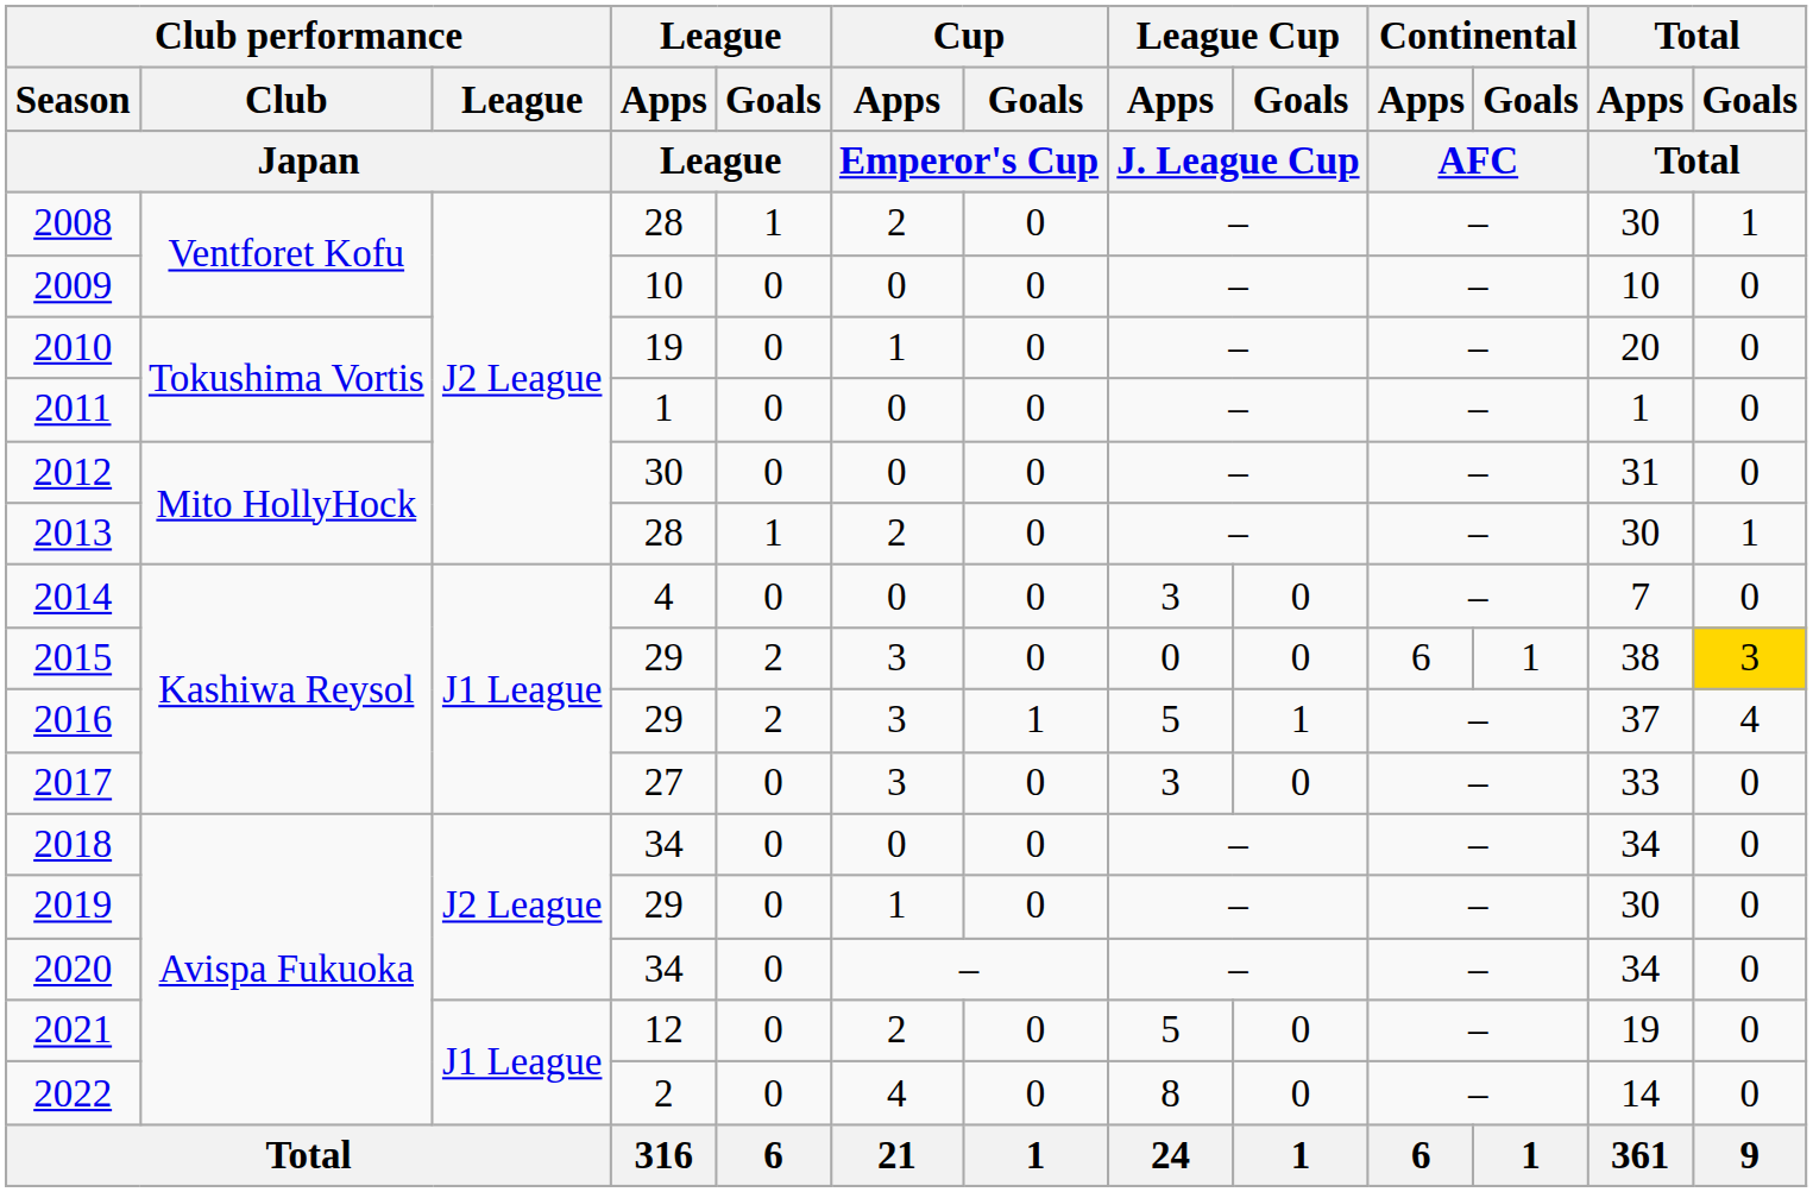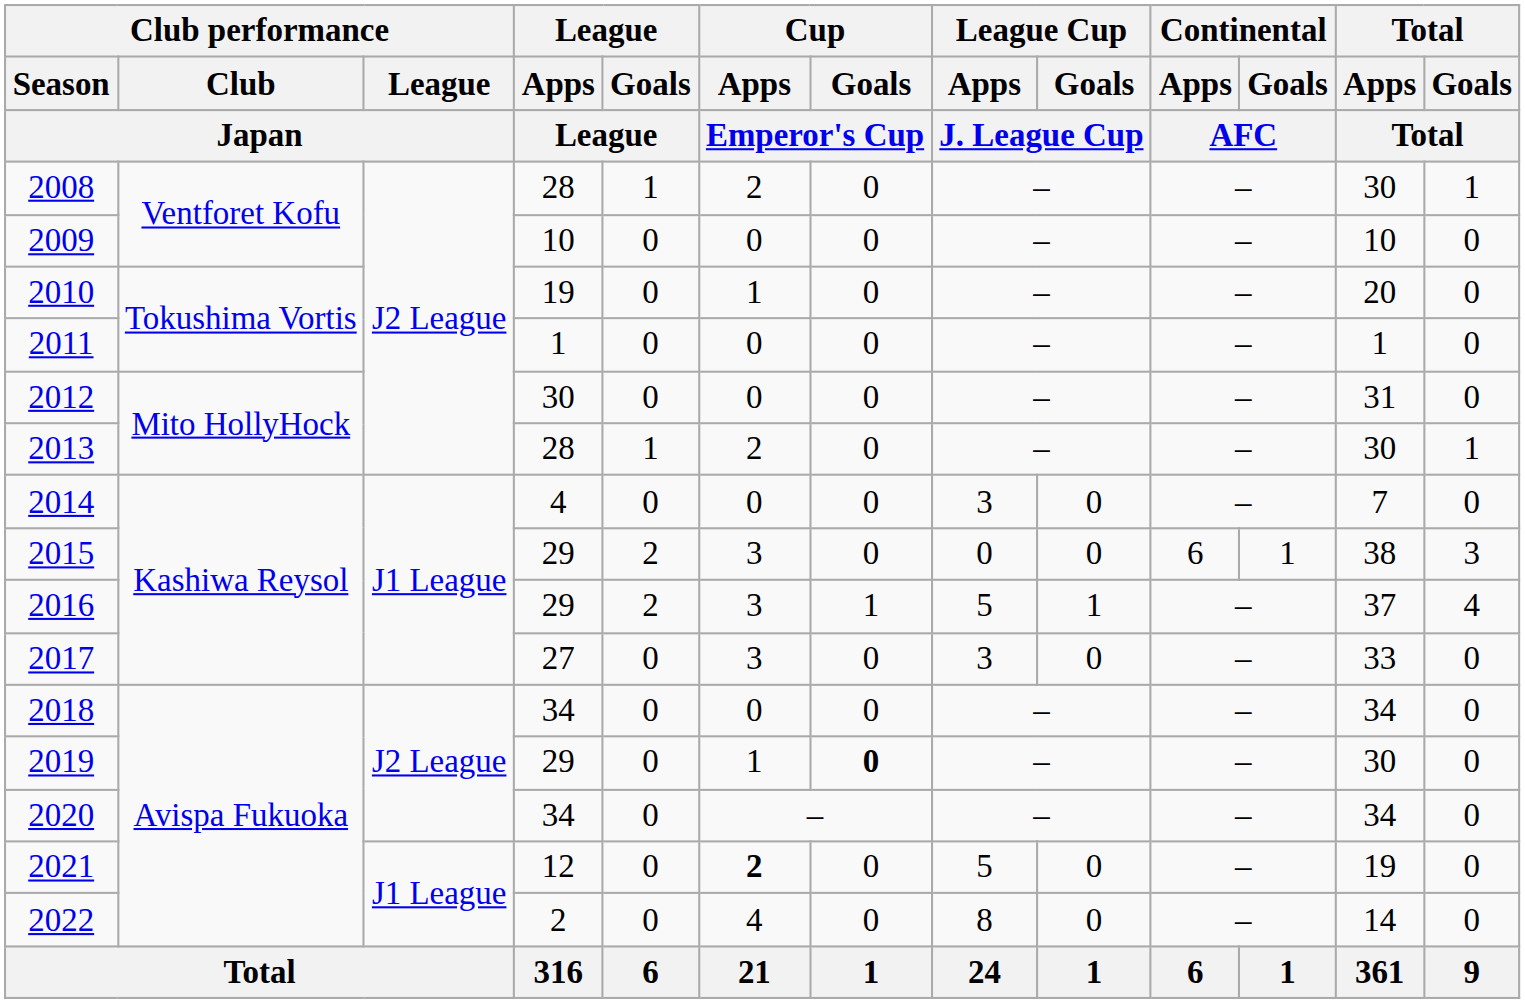 <table class="wikitable" style="text-align:center;">
 <tr>
 <th colspan=3>Club performance</th>
 <th colspan=2>League</th>
 <th colspan=2>Cup</th>
 <th colspan=2>League Cup</th>
 <th colspan=2>Continental</th>
 <th colspan=2>Total</th>
 </tr>
 <tr>
 <th>Season</th>
 <th>Club</th>
 <th>League</th>
 <th>Apps</th>
 <th>Goals</th>
 <th>Apps</th>
 <th>Goals</th>
 <th>Apps</th>
 <th>Goals</th>
 <th>Apps</th>
 <th>Goals</th>
 <th>Apps</th>
 <th>Goals</th>
 </tr>
 <tr>
 <th colspan=3>Japan</th>
 <th colspan=2>League</th>
 <th colspan=2><a href='#'>Emperor's Cup</a></th>
 <th colspan="2"><a href='#'>J. League Cup</a></th>
 <th colspan="2"><a href='#'>AFC</a></th>
 <th colspan=2>Total</th>
 </tr>
 <tr>
 <td><a href='#'>2008</a></td>
 <td rowspan="2"><a href='#'>Ventforet Kofu</a></td>
 <td rowspan="6"><a href='#'>J2 League</a></td>
 <td>28</td>
 <td>1</td>
 <td>2</td>
 <td>0</td>
 <td colspan="2">–</td>
 <td colspan="2">–</td>
 <td>30</td>
 <td>1</td>
 </tr>
 <tr>
 <td><a href='#'>2009</a></td>
 <td>10</td>
 <td>0</td>
 <td>0</td>
 <td>0</td>
 <td colspan="2">–</td>
 <td colspan="2">–</td>
 <td>10</td>
 <td>0</td>
 </tr>
 <tr>
 <td><a href='#'>2010</a></td>
 <td rowspan="2"><a href='#'>Tokushima Vortis</a></td>
 <td>19</td>
 <td>0</td>
 <td>1</td>
 <td>0</td>
 <td colspan="2">–</td>
 <td colspan="2">–</td>
 <td>20</td>
 <td>0</td>
 </tr>
 <tr>
 <td><a href='#'>2011</a></td>
 <td>1</td>
 <td>0</td>
 <td>0</td>
 <td>0</td>
 <td colspan="2">–</td>
 <td colspan="2">–</td>
 <td>1</td>
 <td>0</td>
 </tr>
 <tr>
 <td><a href='#'>2012</a></td>
 <td rowspan="2"><a href='#'>Mito HollyHock</a></td>
 <td>30</td>
 <td>0</td>
 <td>0</td>
 <td>0</td>
 <td colspan="2">–</td>
 <td colspan="2">–</td>
 <td>31</td>
 <td>0</td>
 </tr>
 <tr>
 <td><a href='#'>2013</a></td>
 <td>28</td>
 <td>1</td>
 <td>2</td>
 <td>0</td>
 <td colspan="2">–</td>
 <td colspan="2">–</td>
 <td>30</td>
 <td>1</td>
 </tr>
 <tr>
 <td><a href='#'>2014</a></td>
 <td rowspan="4"><a href='#'>Kashiwa Reysol</a></td>
 <td rowspan="4"><a href='#'>J1 League</a></td>
 <td>4</td>
 <td>0</td>
 <td>0</td>
 <td>0</td>
 <td>3</td>
 <td>0</td>
 <td colspan="2">–</td>
 <td>7</td>
 <td>0</td>
 </tr>
 <tr>
 <td><a href='#'>2015</a></td>
 <td>29</td>
 <td>2</td>
 <td>3</td>
 <td>0</td>
 <td>0</td>
 <td>0</td>
 <td>6</td>
 <td>1</td>
 <td>38</td>
-<td style="background: gold;">3</td>
+<td>3</td>
 </tr>
 <tr>
 <td><a href='#'>2016</a></td>
 <td>29</td>
 <td>2</td>
 <td>3</td>
 <td>1</td>
 <td>5</td>
 <td>1</td>
 <td colspan="2">–</td>
 <td>37</td>
 <td>4</td>
 </tr>
 <tr>
 <td><a href='#'>2017</a></td>
 <td>27</td>
 <td>0</td>
 <td>3</td>
 <td>0</td>
 <td>3</td>
 <td>0</td>
 <td colspan="2">–</td>
 <td>33</td>
 <td>0</td>
 </tr>
 <tr>
 <td><a href='#'>2018</a></td>
 <td rowspan="5"><a href='#'>Avispa Fukuoka</a></td>
 <td rowspan="3"><a href='#'>J2 League</a></td>
 <td>34</td>
 <td>0</td>
 <td>0</td>
 <td>0</td>
 <td colspan="2">–</td>
 <td colspan="2">–</td>
 <td>34</td>
 <td>0</td>
 </tr>
 <tr>
 <td><a href='#'>2019</a></td>
 <td>29</td>
 <td>0</td>
 <td>1</td>
-<td>0</td>
+<td><strong>0</strong></td>
 <td colspan="2">–</td>
 <td colspan="2">–</td>
 <td>30</td>
 <td>0</td>
 </tr>
 <tr>
 <td><a href='#'>2020</a></td>
 <td>34</td>
 <td>0</td>
 <td colspan="2">–</td>
 <td colspan="2">–</td>
 <td colspan="2">–</td>
 <td>34</td>
 <td>0</td>
 </tr>
 <tr>
 <td><a href='#'>2021</a></td>
 <td rowspan="2"><a href='#'>J1 League</a></td>
 <td>12</td>
 <td>0</td>
-<td>2</td>
+<td><strong>2</strong></td>
 <td>0</td>
 <td>5</td>
 <td>0</td>
 <td colspan="2">–</td>
 <td>19</td>
 <td>0</td>
 </tr>
 <tr>
 <td><a href='#'>2022</a></td>
 <td>2</td>
 <td>0</td>
 <td>4</td>
 <td>0</td>
 <td>8</td>
 <td>0</td>
 <td colspan="2">–</td>
 <td>14</td>
 <td>0</td>
 </tr>
 <tr>
 <th colspan="3">Total</th>
 <th>316</th>
 <th>6</th>
 <th>21</th>
 <th>1</th>
 <th>24</th>
 <th>1</th>
 <th>6</th>
 <th>1</th>
 <th>361</th>
 <th>9</th>
 </tr>
 </table>
